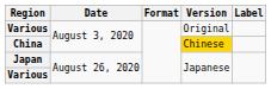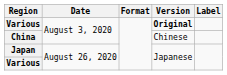 <table class="wikitable plainrowheaders">
 <tr>
 <th>Region</th>
 <th>Date</th>
 <th>Format</th>
 <th>Version</th>
 <th>Label</th>
 </tr>
 <tr>
 <th scope="row">Various</th>
 <td rowspan="2">August 3, 2020</td>
 <td rowspan="4"></td>
-<td>Original</td>
+<td><strong>Original</strong></td>
 <td></td>
 </tr>
 <tr>
 <th scope="row">China</th>
-<td style="background: gold;">Chinese</td>
+<td>Chinese</td>
 <td></td>
 </tr>
 <tr>
 <th scope="row">Japan</th>
 <td rowspan="2">August 26, 2020</td>
 <td rowspan="2">Japanese</td>
 <td rowspan="2"></td>
 </tr>
 <tr>
 <th scope="row">Various</th>
 </tr>
 </table>
